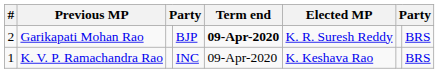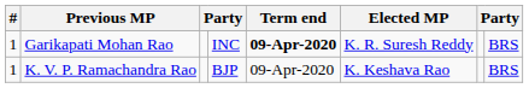 <table class="wikitable sortable">
 <tr>
 <th>#</th>
 <th>Previous MP</th>
 <th colspan="2">Party</th>
 <th>Term end</th>
 <th>Elected MP</th>
 <th colspan="2">Party</th>
 </tr>
 <tr>
-<td>2</td>
+<td>1</td>
 <td><a href='#'>Garikapati Mohan Rao</a></td>
 <td></td>
-<td><a href='#'>BJP</a></td>
+<td><a href='#'>INC</a></td>
 <td><strong>09-Apr-2020</strong></td>
 <td><a href='#'>K. R. Suresh Reddy</a></td>
 <td></td>
 <td><a href='#'>BRS</a></td>
 </tr>
 <tr>
 <td>1</td>
 <td><a href='#'>K. V. P. Ramachandra Rao</a></td>
 <td></td>
-<td><a href='#'>INC</a></td>
+<td><a href='#'>BJP</a></td>
 <td>09-Apr-2020</td>
 <td><a href='#'>K. Keshava Rao</a></td>
 <td></td>
 <td><a href='#'>BRS</a></td>
 </tr>
 </table>
